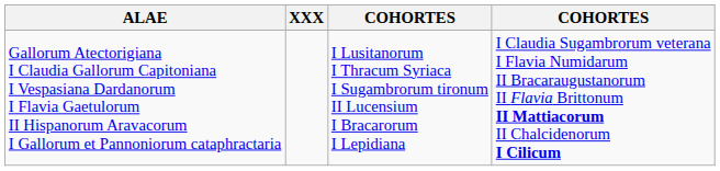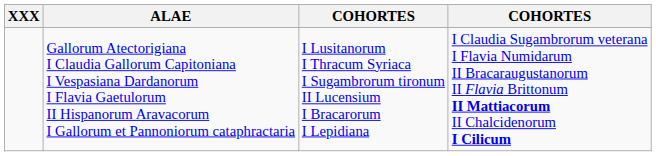 <table class=wikitable>
 <tr>
+<th>XXX</th>
 <th>ALAE</th>
-<th>XXX</th>
 <th>COHORTES</th>
 <th>COHORTES</th>
 </tr>
 <tr>
+<td></td>
 <td><a href='#'>Gallorum Atectorigiana</a><br><a href='#'>I Claudia Gallorum Capitoniana</a><br><a href='#'>I Vespasiana Dardanorum</a><br><a href='#'>I Flavia Gaetulorum</a><br><a href='#'>II Hispanorum Aravacorum</a><br><a href='#'>I Gallorum et Pannoniorum cataphractaria</a></td>
-<td></td>
 <td><a href='#'>I Lusitanorum</a><br><a href='#'>I Thracum Syriaca</a><br><a href='#'>I Sugambrorum tironum</a><br><a href='#'>II Lucensium</a><br><a href='#'>I Bracarorum</a> <br><a href='#'>I Lepidiana</a> </td>
 <td><a href='#'>I Claudia Sugambrorum veterana</a> <br><a href='#'>I Flavia Numidarum</a> <br><a href='#'>II Bracaraugustanorum</a> <br><a href='#'>II <em>Flavia</em> Brittonum</a> <br><strong><a href='#'>II Mattiacorum</a> </strong><br><a href='#'>II Chalcidenorum</a>  <br><strong><a href='#'>I Cilicum</a>   </strong></td>
 </tr>
 </table>
